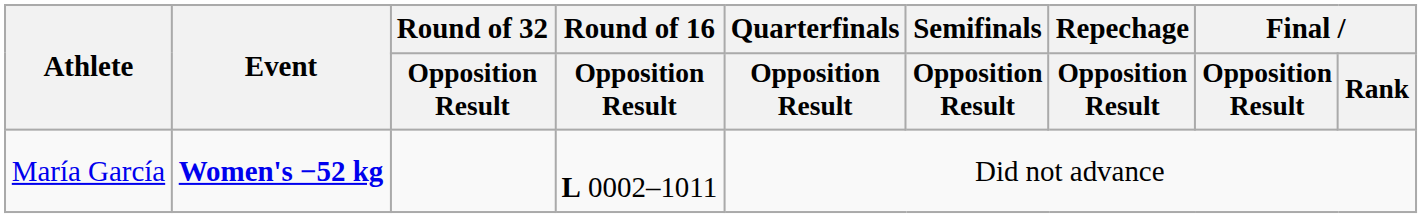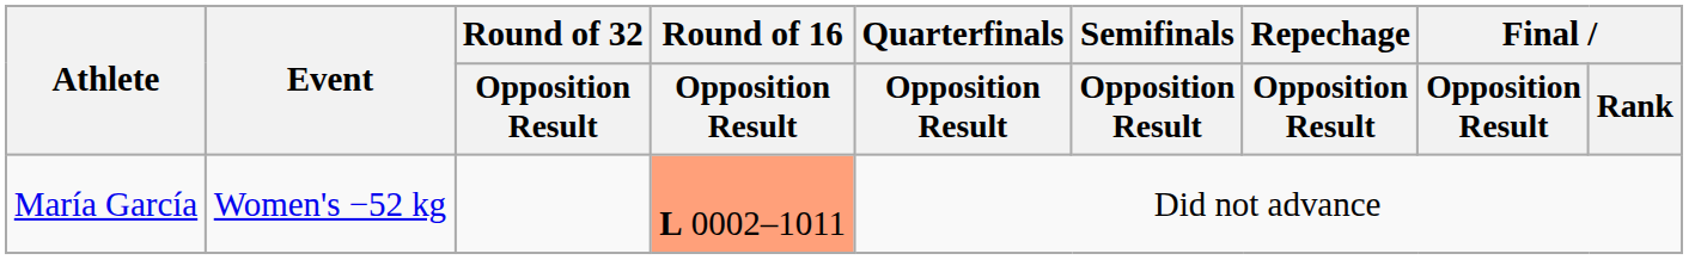 <table class="wikitable" style="font-size:90%">
 <tr>
 <th rowspan="2">Athlete</th>
 <th rowspan="2">Event</th>
 <th>Round of 32</th>
 <th>Round of 16</th>
 <th>Quarterfinals</th>
 <th>Semifinals</th>
 <th>Repechage</th>
 <th colspan=2>Final / </th>
 </tr>
 <tr style="font-size:95%">
 <th>Opposition<br>Result</th>
 <th>Opposition<br>Result</th>
 <th>Opposition<br>Result</th>
 <th>Opposition<br>Result</th>
 <th>Opposition<br>Result</th>
 <th>Opposition<br>Result</th>
 <th>Rank</th>
 </tr>
 <tr align=center>
 <td align=left><a href='#'>María García</a></td>
-<td align=left><strong><a href='#'>Women's −52 kg</a></strong></td>
+<td align=left><a href='#'>Women's −52 kg</a></td>
 <td></td>
-<td><br><strong>L</strong> 0002–1011</td>
+<td style="background: lightsalmon;"><br><strong>L</strong> 0002–1011</td>
 <td colspan=5>Did not advance</td>
 </tr>
 </table>
